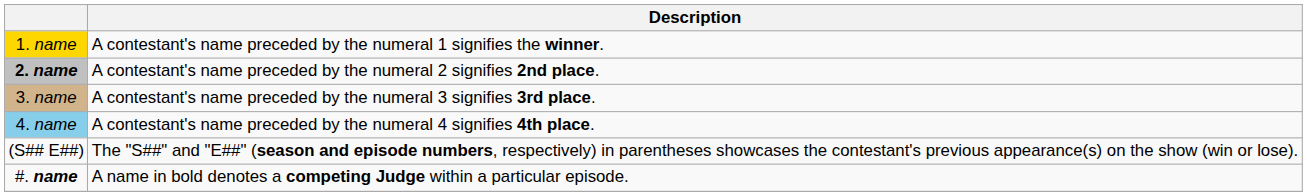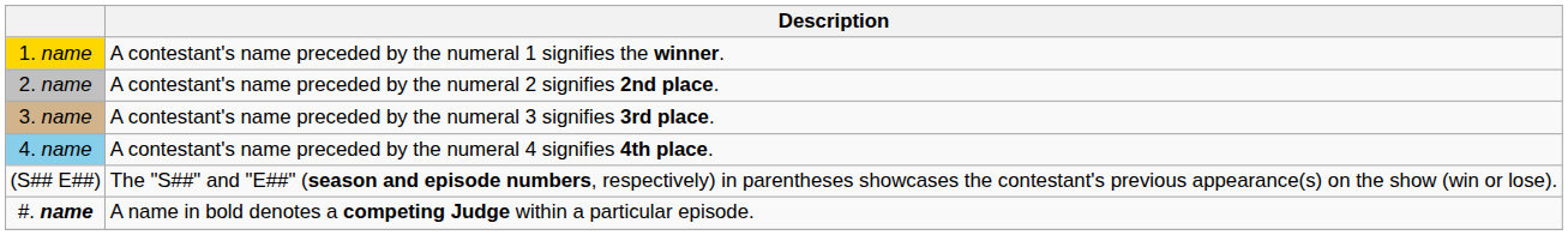 <table class="wikitable plainrowheaders" style="text-align:center;">
 <tr>
 <th></th>
 <th>Description</th>
 </tr>
 <tr>
 <td style="background:gold;">1. <em>name</em></td>
 <td style="text-align:left;">A contestant's name preceded by the numeral 1 signifies the <strong>winner</strong>.</td>
 </tr>
 <tr>
-<td style="background:silver;"><strong>2. <em>name</em></strong></td>
+<td style="background:silver;">2. <em>name</em></td>
 <td style="text-align:left;">A contestant's name preceded by the numeral 2 signifies <strong>2nd place</strong>.</td>
 </tr>
 <tr>
 <td style="background:tan;">3. <em>name</em></td>
 <td style="text-align:left;">A contestant's name preceded by the numeral 3 signifies <strong>3rd place</strong>.</td>
 </tr>
 <tr>
 <td style="background:skyblue;">4. <em>name</em></td>
 <td style="text-align:left;">A contestant's name preceded by the numeral 4 signifies <strong>4th place</strong>.</td>
 </tr>
 <tr>
 <td>(S## E##)</td>
 <td style="text-align:left;">The "S##" and "E##" (<strong>season and episode numbers</strong>, respectively) in parentheses showcases the contestant's previous appearance(s) on the show (win or lose).</td>
 </tr>
 <tr>
 <td>#. <strong><em>name</em></strong></td>
 <td style="text-align:left;">A name in bold denotes a <strong>competing Judge</strong> within a particular episode.</td>
 </tr>
 <tr>
 </tr>
 </table>
